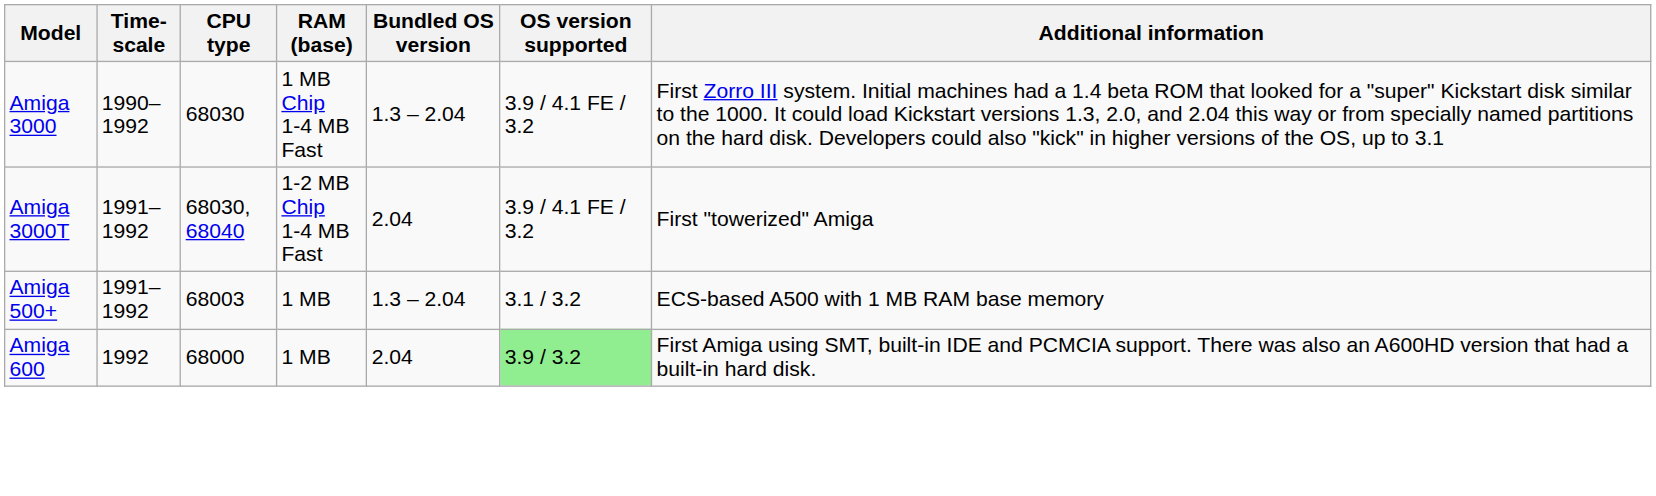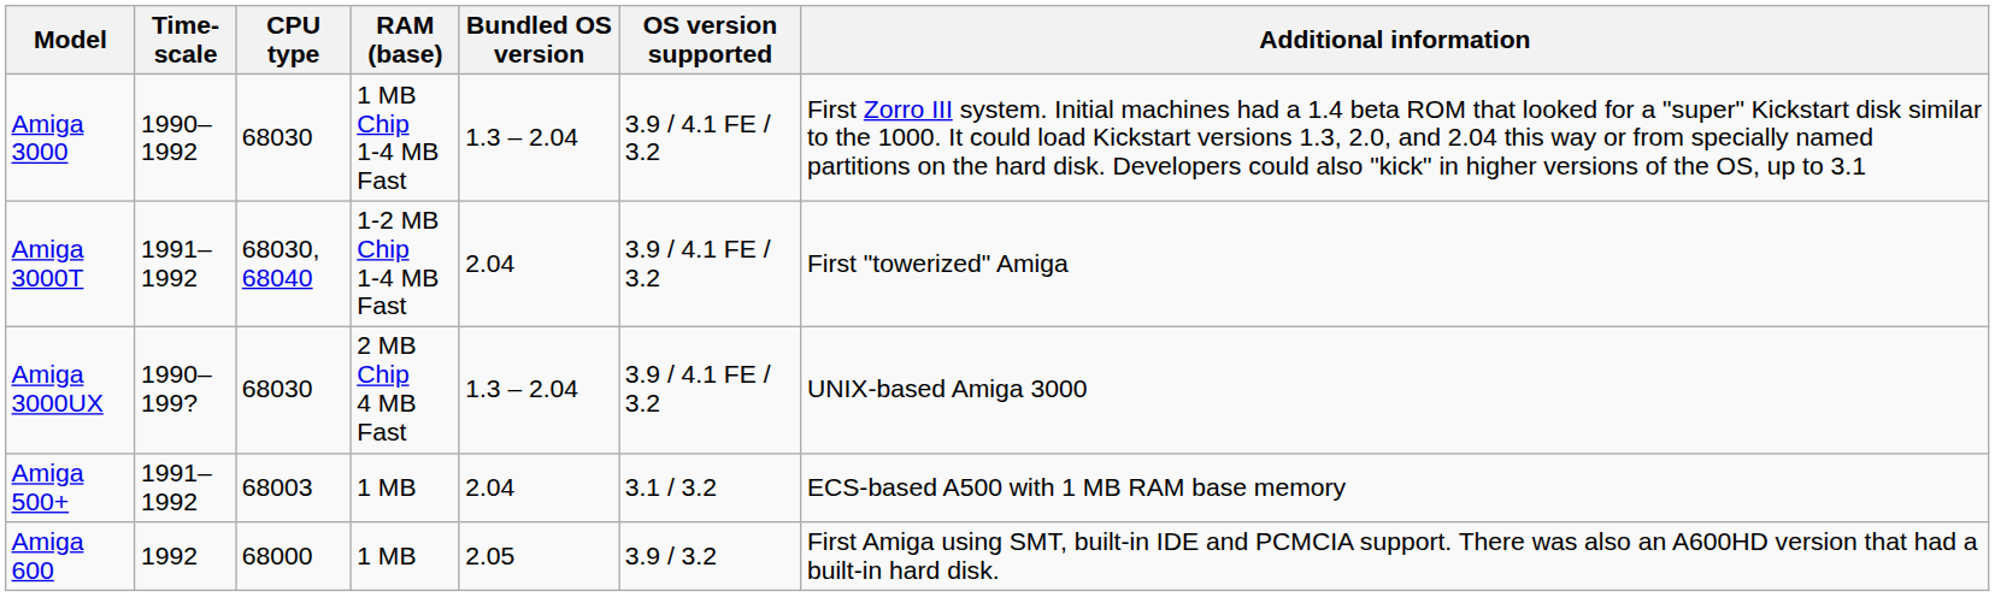 <table class="wikitable">
 <tr>
 <th>Model</th>
 <th>Time­scale</th>
 <th>CPU type</th>
 <th>RAM (base)</th>
 <th>Bundled OS version</th>
 <th>OS version supported</th>
 <th>Additional information</th>
 </tr>
 <tr>
 <td><a href='#'>Amiga 3000</a></td>
 <td>1990–1992</td>
 <td>68030</td>
 <td>1 MB <a href='#'>Chip</a><br>1-4 MB Fast</td>
 <td>1.3 – 2.04</td>
 <td>3.9 / 4.1 FE / 3.2</td>
 <td>First <a href='#'>Zorro III</a> system. Initial machines had a 1.4 beta ROM that looked for a "super" Kickstart disk similar to the 1000. It could load Kickstart versions 1.3, 2.0, and 2.04 this way or from specially named partitions on the hard disk. Developers could also "kick" in higher versions of the OS, up to 3.1</td>
 </tr>
 <tr>
 <td><a href='#'>Amiga 3000T</a></td>
 <td>1991–1992</td>
 <td>68030, <a href='#'>68040</a></td>
 <td>1-2 MB <a href='#'>Chip</a><br>1-4 MB Fast</td>
 <td>2.04</td>
 <td>3.9 / 4.1 FE / 3.2</td>
 <td>First "towerized" Amiga</td>
 </tr>
 <tr>
+<td><a href='#'>Amiga 3000UX</a></td>
+<td>1990–199?</td>
+<td>68030</td>
+<td>2 MB <a href='#'>Chip</a><br>4 MB Fast</td>
+<td>1.3 – 2.04</td>
+<td>3.9 / 4.1 FE / 3.2</td>
+<td>UNIX-based Amiga 3000</td>
+</tr>
+<tr>
 <td><a href='#'>Amiga 500+</a></td>
 <td>1991–1992</td>
 <td>68003</td>
 <td>1 MB</td>
-<td>1.3 – 2.04</td>
+<td>2.04</td>
 <td>3.1 / 3.2</td>
 <td>ECS-based A500 with 1 MB RAM base memory</td>
 </tr>
 <tr>
 <td><a href='#'>Amiga 600</a></td>
 <td>1992</td>
 <td>68000</td>
 <td>1 MB</td>
-<td>2.04</td>
-<td style="background: lightgreen;">3.9 / 3.2</td>
+<td>2.05</td>
+<td>3.9 / 3.2</td>
 <td>First Amiga using SMT, built-in IDE and PCMCIA support. There was also an A600HD version that had a built-in hard disk.</td>
 </tr>
 </table>
